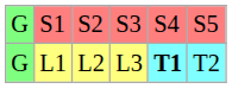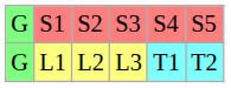 <table class="wikitable">
 <tr>
 <td bgcolor="#7fff7f">G</td>
 <td bgcolor="#ff7f7f">S1</td>
 <td bgcolor="#ff7f7f">S2</td>
 <td bgcolor="#ff7f7f">S3</td>
 <td bgcolor="#ff7f7f">S4</td>
 <td bgcolor="#ff7f7f">S5</td>
 </tr>
 <tr>
 <td bgcolor="#7fff7f">G</td>
 <td bgcolor="#ffff7f">L1</td>
 <td bgcolor="#ffff7f">L2</td>
 <td bgcolor="#ffff7f">L3</td>
-<td bgcolor="#7fffff"><strong>T1</strong></td>
+<td bgcolor="#7fffff">T1</td>
 <td bgcolor="#7fffff">T2</td>
 </tr>
 </table>
